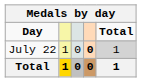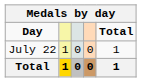 <table class="wikitable" style="font-size:85%; float:right">
 <tr align=center>
 <th colspan=7><strong>Medals by day</strong></th>
 </tr>
 <tr align=center>
 <td><strong>Day</strong></td>
 <td style="background:#f7f6a8;"></td>
 <td style="background:#dce5e5;"></td>
 <td style="background:#ffdab9;"></td>
 <td><strong>Total</strong></td>
 </tr>
 <tr align=center>
 <td>July 22</td>
 <td style="background:#f7f6a8;">1</td>
 <td style="background:#dce5e5;">0</td>
-<td style="background:#ffdab9;"><strong>0</strong></td>
-<td style="background: lightgrey;">1</td>
+<td style="background:#ffdab9;">0</td>
+<td>1</td>
 </tr>
 <tr align=center>
 <th><strong>Total</strong></th>
 <th style="background:gold;"><strong>1</strong></th>
 <th style="background:silver;"><strong>0</strong></th>
 <th style="background:#c96;"><strong>0</strong></th>
 <th><strong>1</strong></th>
 </tr>
 </table>
